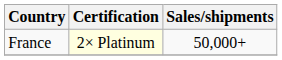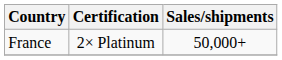 <table class="wikitable">
 <tr>
 <th align="left">Country</th>
 <th align="left">Certification</th>
 <th align="left">Sales/shipments</th>
 </tr>
 <tr>
 <td align="left">France</td>
-<td align="center" style="background: lightyellow;">2× Platinum</td>
+<td align="center">2× Platinum</td>
 <td align="center">50,000+</td>
 </tr>
 <tr>
 </tr>
 </table>
